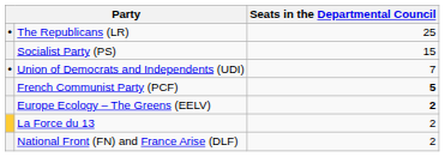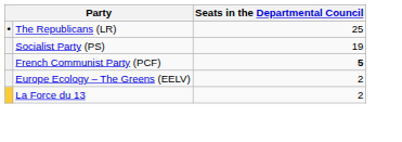 <table class="wikitable" style="font-size: 95%;">
 <tr>
 <th colspan=2>Party</th>
 <th>Seats in the <a href='#'>Departmental Council</a></th>
 </tr>
 <tr>
 <th style="background-color: "><span>•</span></th>
 <td><a href='#'>The Republicans</a> (LR)</td>
 <td align="right">25</td>
 </tr>
 <tr>
 <th style="background-color: "></th>
 <td><a href='#'>Socialist Party</a> (PS)</td>
-<td align="right">15</td>
-</tr>
-<tr>
-<th style="background-color: "><span>•</span></th>
-<td><a href='#'>Union of Democrats and Independents</a> (UDI)</td>
-<td align="right">7</td>
+<td align="right">19</td>
 </tr>
 <tr>
 <th style="background-color: "></th>
 <td><a href='#'>French Communist Party</a> (PCF)</td>
 <td align="right"><strong>5</strong></td>
 </tr>
 <tr>
 <th style="background-color: "></th>
 <td><a href='#'>Europe Ecology – The Greens</a> (EELV)</td>
-<td align="right"><strong>2</strong></td>
+<td align="right">2</td>
 </tr>
 <tr>
 <th style="background-color: #ffcc33"></th>
 <td><a href='#'>La Force du 13</a></td>
 <td align="right">2</td>
 </tr>
-<tr>
-<th style="background-color: "></th>
-<td><a href='#'>National Front</a> (FN) and <a href='#'>France Arise</a> (DLF)</td>
-<td align="right">2</td>
-</tr>
 </table>
